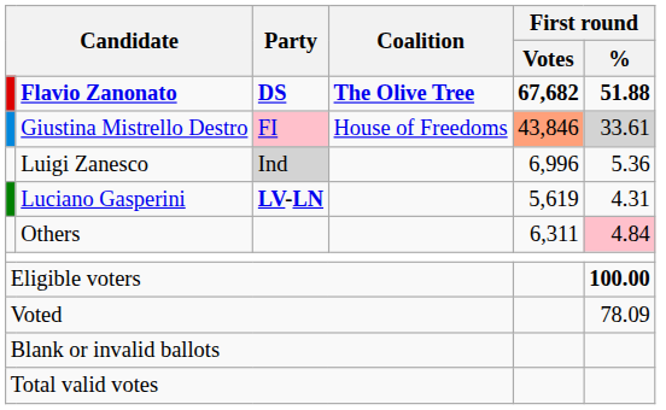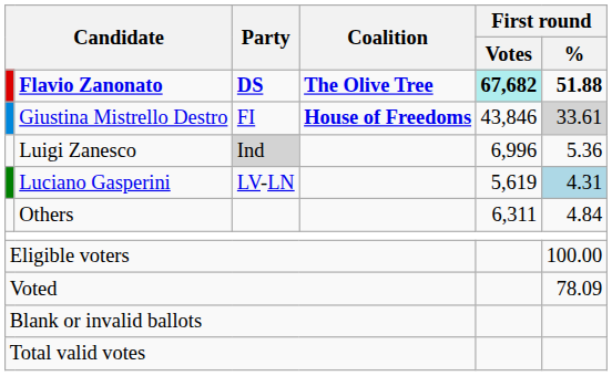 <table class="wikitable centre">
 <tr>
 <th scope="col" rowspan=2 colspan=2>Candidate</th>
 <th scope="col" rowspan=2 colspan=1>Party</th>
 <th scope="col" rowspan=2 colspan=1>Coalition</th>
 <th scope="col" colspan=2>First round</th>
 </tr>
 <tr>
 <th scope="col">Votes</th>
 <th scope="col">%</th>
 </tr>
 <tr>
 <td bgcolor="#dd0000"></td>
 <td><strong><a href='#'>Flavio Zanonato</a></strong></td>
 <td><strong><a href='#'>DS</a></strong></td>
 <td><strong><a href='#'>The Olive Tree</a></strong></td>
-<td style="text-align: right"><strong>67,682</strong></td>
+<td style="background: paleturquoise; text-align: right"><strong>67,682</strong></td>
 <td style="text-align: right"><strong>51.88</strong></td>
 </tr>
 <tr>
 <td bgcolor="#0087DC"></td>
 <td><a href='#'>Giustina Mistrello Destro</a></td>
-<td style="background: pink;"><a href='#'>FI</a></td>
-<td><a href='#'>House of Freedoms</a></td>
-<td style="background: lightsalmon; text-align: right">43,846</td>
+<td><a href='#'>FI</a></td>
+<td><strong><a href='#'>House of Freedoms</a></strong></td>
+<td style="text-align: right">43,846</td>
 <td style="background: lightgrey; text-align: right">33.61</td>
 </tr>
 <tr>
 <td bgcolor=""></td>
 <td>Luigi Zanesco</td>
 <td style="background: lightgrey;">Ind</td>
 <td></td>
 <td style="text-align: right">6,996</td>
 <td style="text-align: right">5.36</td>
 </tr>
 <tr>
 <td bgcolor="#008000"></td>
 <td><a href='#'>Luciano Gasperini</a></td>
-<td><strong><a href='#'>LV</a>-<a href='#'>LN</a></strong></td>
+<td><a href='#'>LV</a>-<a href='#'>LN</a></td>
 <td></td>
 <td style="text-align: right">5,619</td>
-<td style="text-align: right">4.31</td>
+<td style="background: lightblue; text-align: right">4.31</td>
 </tr>
 <tr>
 <td bgcolor=""></td>
 <td>Others</td>
 <td></td>
 <td></td>
 <td style="text-align: right">6,311</td>
-<td style="background: pink; text-align: right">4.84</td>
+<td style="text-align: right">4.84</td>
 </tr>
 <tr bgcolor=white>
 <td colspan=6></td>
 </tr>
 <tr>
 <td colspan=4>Eligible voters</td>
 <td style="text-align: right"></td>
-<td style="text-align: right"><strong>100.00</strong></td>
+<td style="text-align: right">100.00</td>
 </tr>
 <tr>
 <td colspan=4>Voted</td>
 <td style="text-align: right"></td>
 <td style="text-align: right">78.09</td>
 </tr>
 <tr>
 <td colspan=4>Blank or invalid ballots</td>
 <td style="text-align: right"></td>
 <td style="text-align: right"></td>
 </tr>
 <tr>
 <td colspan=4>Total valid votes</td>
 <td style="text-align: right"></td>
 <td style="text-align: right"></td>
 </tr>
 </table>
